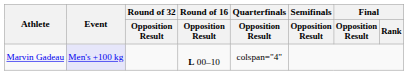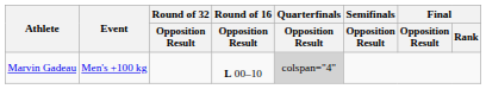 <table class="wikitable" style="font-size:90%">
 <tr>
 <th rowspan="2">Athlete</th>
 <th rowspan="2">Event</th>
 <th>Round of 32</th>
 <th>Round of 16</th>
 <th>Quarterfinals</th>
 <th>Semifinals</th>
 <th colspan=2>Final</th>
 </tr>
 <tr style="font-size:95%">
 <th>Opposition<br>Result</th>
 <th>Opposition<br>Result</th>
 <th>Opposition<br>Result</th>
 <th>Opposition<br>Result</th>
 <th>Opposition<br>Result</th>
 <th>Rank</th>
 </tr>
 <tr align=center>
 <td align=left><a href='#'>Marvin Gadeau</a></td>
-<td align=left style="background: lavender;"><a href='#'>Men's +100 kg</a></td>
+<td align=left><a href='#'>Men's +100 kg</a></td>
 <td></td>
 <td><br><strong>L</strong> 00–10</td>
-<td>colspan="4" </td>
+<td style="background: lightgrey;">colspan="4" </td>
 </tr>
 </table>
